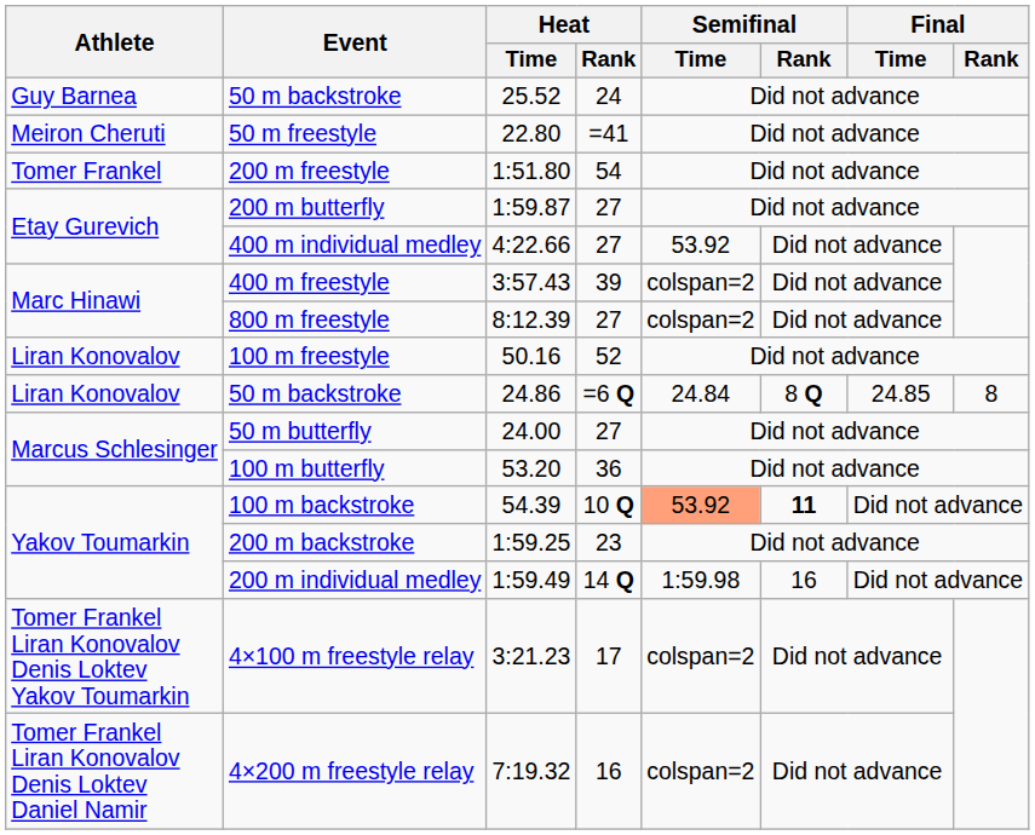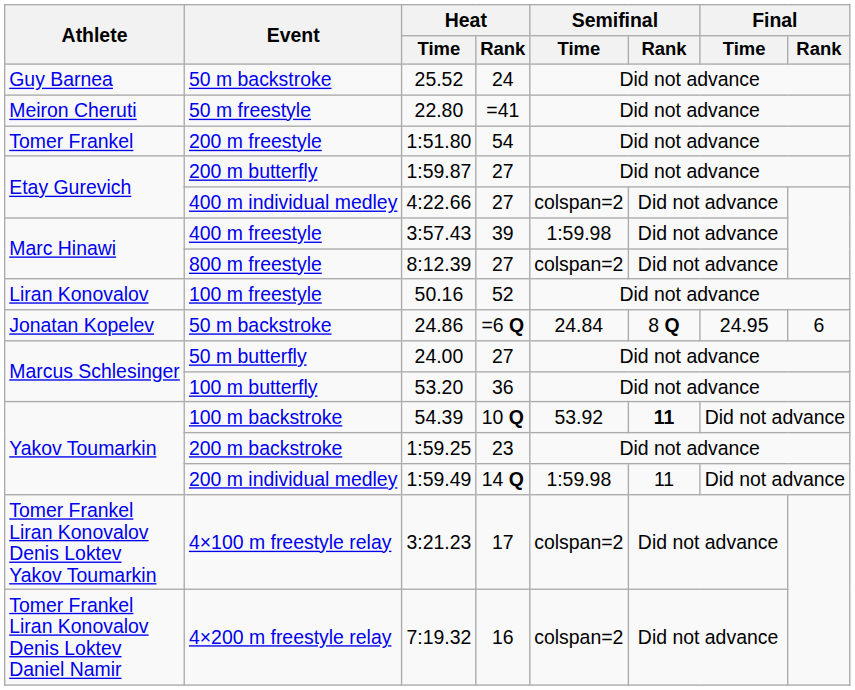 <table class=wikitable style="font-size:90%">
 <tr>
 <th rowspan="2">Athlete</th>
 <th rowspan="2">Event</th>
 <th colspan="2">Heat</th>
 <th colspan="2">Semifinal</th>
 <th colspan="2">Final</th>
 </tr>
 <tr style="font-size:95%">
 <th>Time</th>
 <th>Rank</th>
 <th>Time</th>
 <th>Rank</th>
 <th>Time</th>
 <th>Rank</th>
 </tr>
 <tr align=center>
 <td align=left><a href='#'>Guy Barnea</a></td>
 <td align=left><a href='#'>50 m backstroke</a></td>
 <td>25.52</td>
 <td>24</td>
 <td colspan=4>Did not advance</td>
 </tr>
 <tr align=center>
 <td align=left><a href='#'>Meiron Cheruti</a></td>
 <td align=left><a href='#'>50 m freestyle</a></td>
 <td>22.80</td>
 <td>=41</td>
 <td colspan=4>Did not advance</td>
 </tr>
 <tr align=center>
 <td align=left><a href='#'>Tomer Frankel</a></td>
 <td align=left><a href='#'>200 m freestyle</a></td>
 <td>1:51.80</td>
 <td>54</td>
 <td colspan=4>Did not advance</td>
 </tr>
 <tr align=center>
 <td align=left rowspan=2><a href='#'>Etay Gurevich</a></td>
 <td align=left><a href='#'>200 m butterfly</a></td>
 <td>1:59.87</td>
 <td>27</td>
 <td colspan=4>Did not advance</td>
 </tr>
 <tr align=center>
 <td align=left><a href='#'>400 m individual medley</a></td>
 <td>4:22.66</td>
 <td>27</td>
-<td>53.92</td>
+<td>colspan=2 </td>
 <td colspan=2>Did not advance</td>
 </tr>
 <tr align=center>
 <td align=left rowspan=2><a href='#'>Marc Hinawi</a></td>
 <td align=left><a href='#'>400 m freestyle</a></td>
 <td>3:57.43</td>
 <td>39</td>
-<td>colspan=2 </td>
+<td>1:59.98</td>
 <td colspan=2>Did not advance</td>
 </tr>
 <tr align=center>
 <td align=left><a href='#'>800 m freestyle</a></td>
 <td>8:12.39</td>
 <td>27</td>
 <td>colspan=2 </td>
 <td colspan=2>Did not advance</td>
 </tr>
 <tr align=center>
 <td align=left><a href='#'>Liran Konovalov</a></td>
 <td align=left><a href='#'>100 m freestyle</a></td>
 <td>50.16</td>
 <td>52</td>
 <td colspan=4>Did not advance</td>
 </tr>
 <tr align=center>
-<td align=left><a href='#'>Liran Konovalov</a></td>
+<td align=left><a href='#'>Jonatan Kopelev</a></td>
 <td align=left><a href='#'>50 m backstroke</a></td>
 <td>24.86</td>
 <td>=6 <strong>Q</strong></td>
 <td>24.84</td>
 <td>8 <strong>Q</strong></td>
-<td>24.85</td>
-<td>8</td>
+<td>24.95</td>
+<td>6</td>
 </tr>
 <tr align=center>
 <td align=left rowspan=2><a href='#'>Marcus Schlesinger</a></td>
 <td align=left><a href='#'>50 m butterfly</a></td>
 <td>24.00</td>
 <td>27</td>
 <td colspan=4>Did not advance</td>
 </tr>
 <tr align=center>
 <td align=left><a href='#'>100 m butterfly</a></td>
 <td>53.20</td>
 <td>36</td>
 <td colspan=4>Did not advance</td>
 </tr>
 <tr align=center>
 <td align=left rowspan=3><a href='#'>Yakov Toumarkin</a></td>
 <td align=left><a href='#'>100 m backstroke</a></td>
 <td>54.39</td>
 <td>10 <strong>Q</strong></td>
-<td style="background: lightsalmon;">53.92</td>
+<td>53.92</td>
 <td><strong>11</strong></td>
 <td colspan=2>Did not advance</td>
 </tr>
 <tr align=center>
 <td align=left><a href='#'>200 m backstroke</a></td>
 <td>1:59.25</td>
 <td>23</td>
 <td colspan=4>Did not advance</td>
 </tr>
 <tr align=center>
 <td align=left><a href='#'>200 m individual medley</a></td>
 <td>1:59.49</td>
 <td>14 <strong>Q</strong></td>
 <td>1:59.98</td>
-<td>16</td>
+<td>11</td>
 <td colspan=2>Did not advance</td>
 </tr>
 <tr align=center>
 <td align=left><a href='#'>Tomer Frankel</a><br><a href='#'>Liran Konovalov</a><br><a href='#'>Denis Loktev</a><br><a href='#'>Yakov Toumarkin</a></td>
 <td align=left><a href='#'>4×100 m freestyle relay</a></td>
 <td>3:21.23</td>
 <td>17</td>
 <td>colspan=2 </td>
 <td colspan=2>Did not advance</td>
 </tr>
 <tr align=center>
 <td align=left><a href='#'>Tomer Frankel</a><br><a href='#'>Liran Konovalov</a><br><a href='#'>Denis Loktev</a><br><a href='#'>Daniel Namir</a></td>
 <td align=left><a href='#'>4×200 m freestyle relay</a></td>
 <td>7:19.32</td>
 <td>16</td>
 <td>colspan=2 </td>
 <td colspan=2>Did not advance</td>
 </tr>
 </table>
